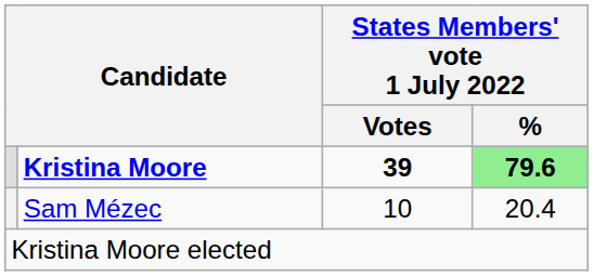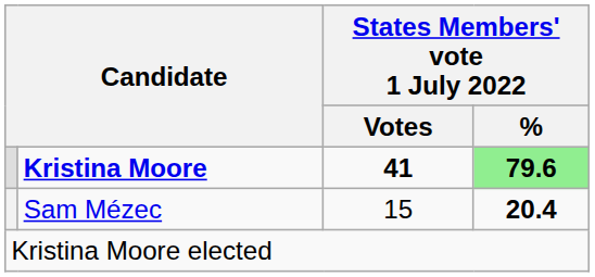 <table class="wikitable" style="font-size:95%; text-align:center"            |>
 <tr>
 <th colspan="2" rowspan=2>Candidate</th>
 <th colspan="2"><a href='#'>States Members'</a> vote<br>1 July 2022</th>
 </tr>
 <tr>
 <th style="width: 80px">Votes</th>
 <th style="width: 60px">%</th>
 </tr>
 <tr>
 <td style="background-color: #dedede"></td>
 <td style="width: 170px; text-align:left"><strong><a href='#'>Kristina Moore</a></strong></td>
-<td><strong>39</strong></td>
+<td><strong>41</strong></td>
 <td style="background: lightgreen;"><strong>79.6</strong></td>
 </tr>
 <tr>
 <th style="background-color: "></th>
 <td style="width: 170px; text-align:left"><a href='#'>Sam Mézec</a></td>
-<td>10</td>
-<td>20.4</td>
+<td>15</td>
+<td><strong>20.4</strong></td>
 </tr>
 <tr>
 <td colspan="8" style="text-align:left;">Kristina Moore elected</td>
 </tr>
 </table>
